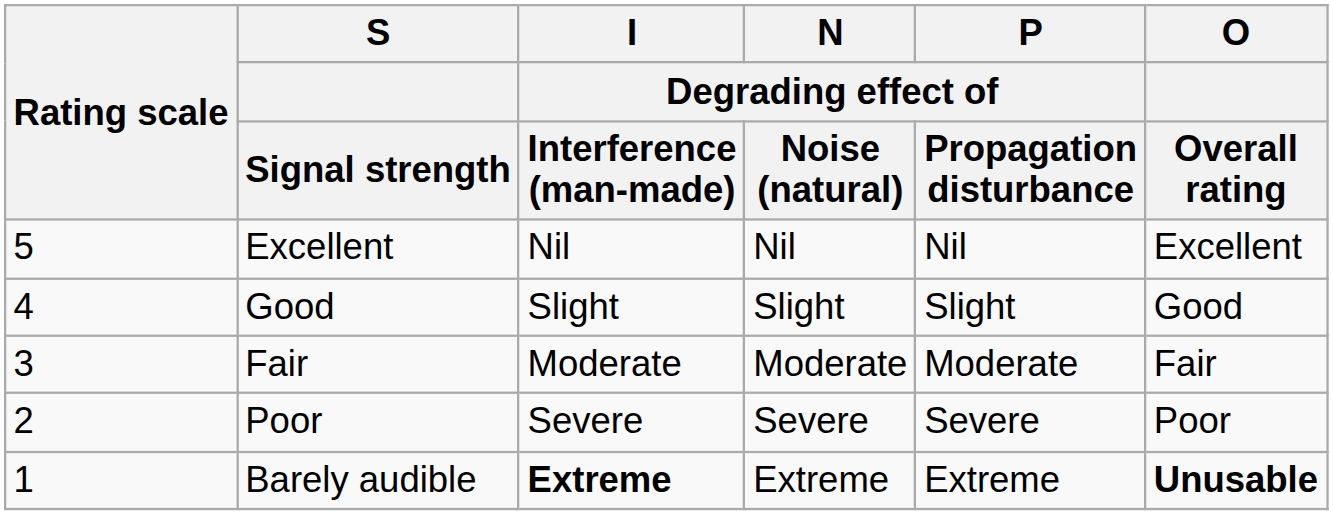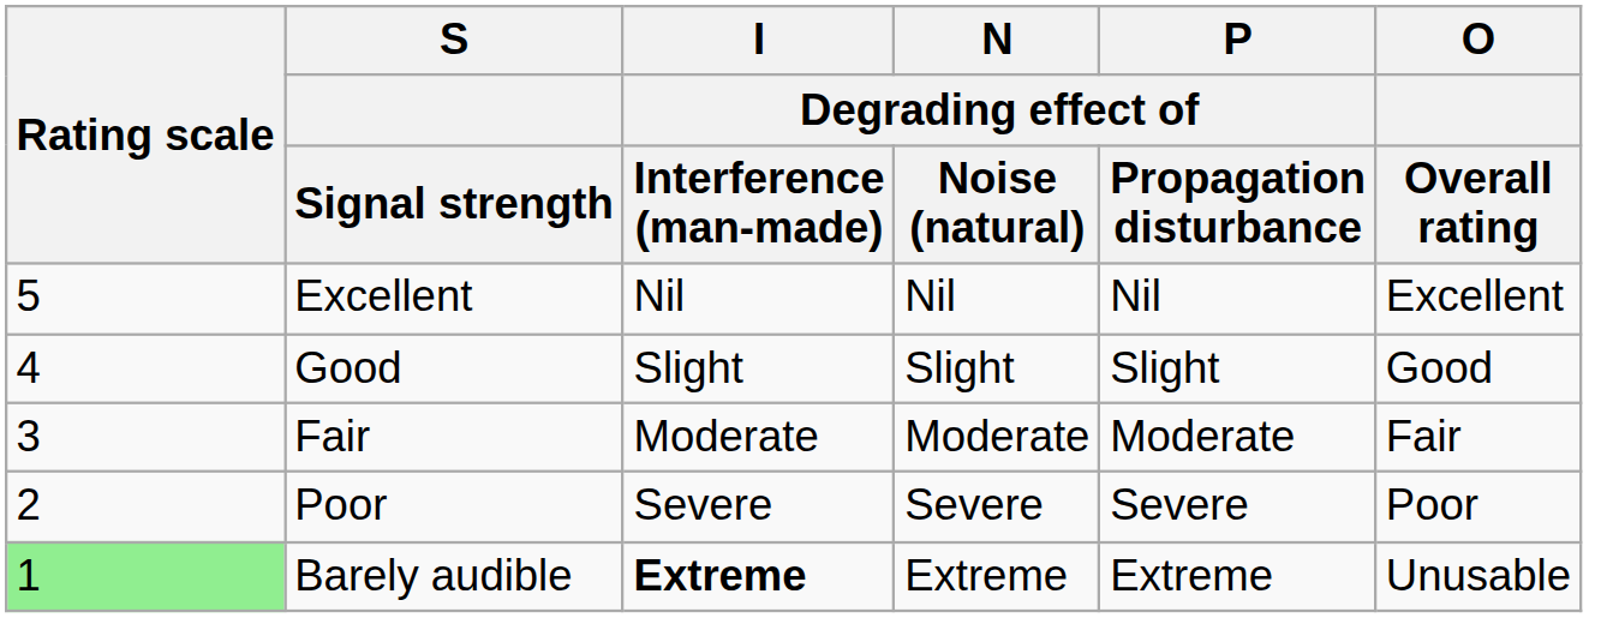 <table class="wikitable">
 <tr>
 <th rowspan="3">Rating scale</th>
 <th>S</th>
 <th>I</th>
 <th>N</th>
 <th>P</th>
 <th>O</th>
 </tr>
 <tr>
 <th></th>
 <th colspan="3">Degrading effect of</th>
 <th></th>
 </tr>
 <tr>
 <th>Signal strength</th>
 <th>Interference<br>(man-made)</th>
 <th>Noise<br>(natural)</th>
 <th>Propagation<br>disturbance</th>
 <th>Overall<br>rating</th>
 </tr>
 <tr>
 <td>5</td>
 <td>Excellent</td>
 <td>Nil</td>
 <td>Nil</td>
 <td>Nil</td>
 <td>Excellent</td>
 </tr>
 <tr>
 <td>4</td>
 <td>Good</td>
 <td>Slight</td>
 <td>Slight</td>
 <td>Slight</td>
 <td>Good</td>
 </tr>
 <tr>
 <td>3</td>
 <td>Fair</td>
 <td>Moderate</td>
 <td>Moderate</td>
 <td>Moderate</td>
 <td>Fair</td>
 </tr>
 <tr>
 <td>2</td>
 <td>Poor</td>
 <td>Severe</td>
 <td>Severe</td>
 <td>Severe</td>
 <td>Poor</td>
 </tr>
 <tr>
-<td>1</td>
+<td style="background: lightgreen;">1</td>
 <td>Barely audible</td>
 <td><strong>Extreme</strong></td>
 <td>Extreme</td>
 <td>Extreme</td>
-<td><strong>Unusable</strong></td>
+<td>Unusable</td>
 </tr>
 </table>
